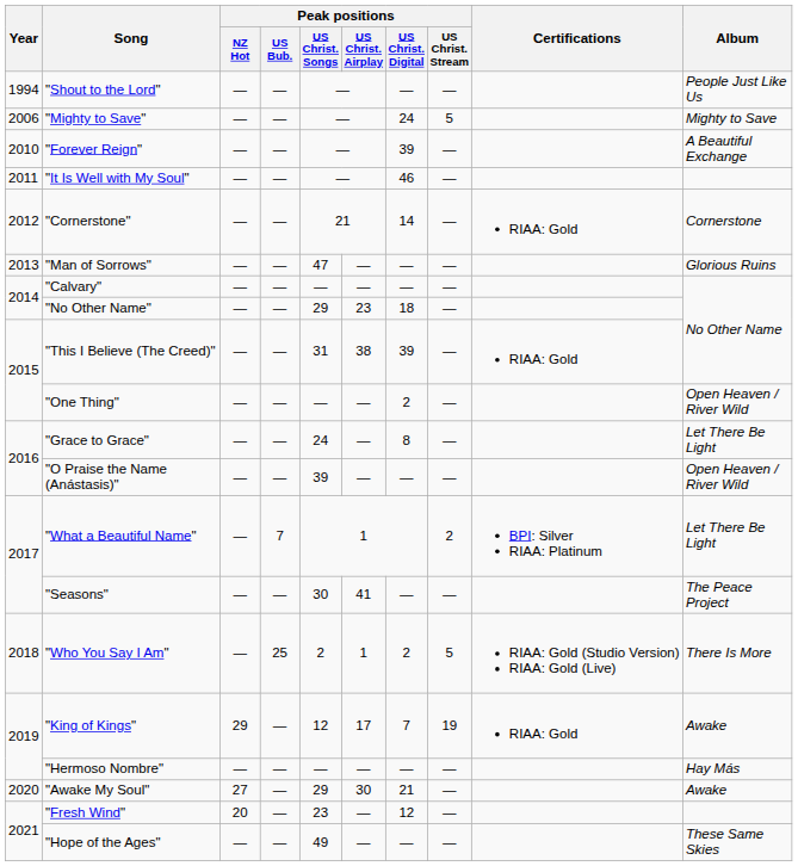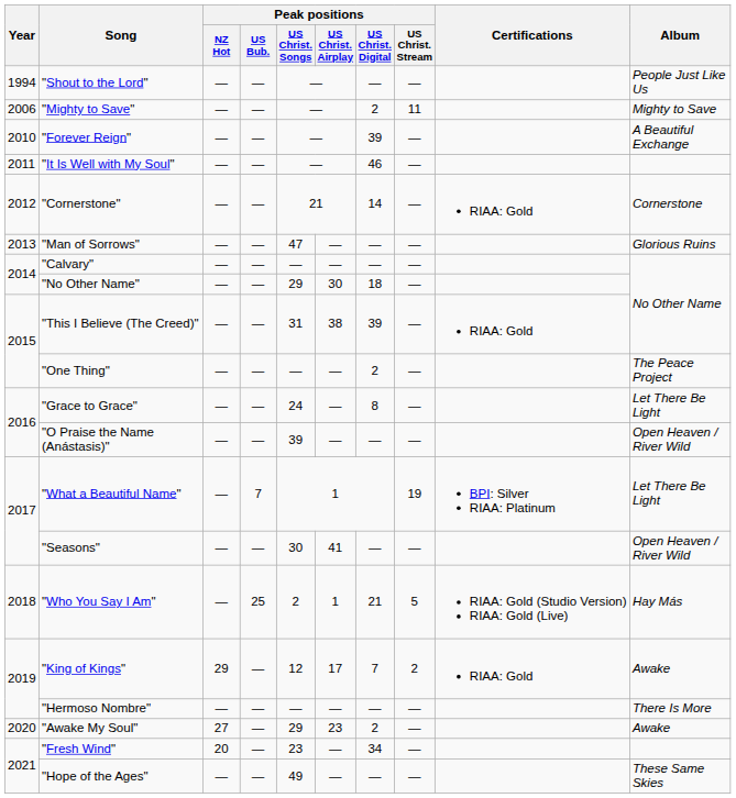 <table class="wikitable">
 <tr>
 <th rowspan="2" style="text-align:center; width:10px;">Year</th>
 <th rowspan="2" style="text-align:center; width:200px;">Song</th>
 <th style="text-align:center;" colspan="6">Peak positions</th>
 <th rowspan="2" style="text-align:center;">Certifications</th>
 <th rowspan="2" style="text-align:center; width:120px;">Album</th>
 </tr>
 <tr style="font-size:smaller;">
 <th width="40"><a href='#'>NZ<br>Hot</a><br></th>
 <th width="40"><a href='#'>US Bub.</a><br></th>
 <th width="40"><a href='#'>US<br>Christ.<br>Songs</a><br></th>
 <th width="40"><a href='#'>US<br>Christ.<br>Airplay</a><br></th>
 <th width="40"><a href='#'>US<br>Christ.<br>Digital</a><br></th>
 <th width="40">US<br>Christ.<br>Stream<br></th>
 </tr>
 <tr>
 <td>1994</td>
 <td>"<a href='#'>Shout to the Lord</a>"</td>
 <td style="text-align:center;">—</td>
 <td style="text-align:center;">—</td>
 <td colspan="2" style="text-align:center;">—</td>
 <td style="text-align:center;">—</td>
 <td style="text-align:center;">—</td>
 <td></td>
 <td><em>People Just Like Us</em></td>
 </tr>
 <tr>
 <td>2006</td>
 <td>"<a href='#'>Mighty to Save</a>"</td>
 <td style="text-align:center;">—</td>
 <td style="text-align:center;">—</td>
 <td colspan="2" style="text-align:center;">—</td>
-<td style="text-align:center;">24</td>
-<td style="text-align:center;">5</td>
+<td style="text-align:center;">2</td>
+<td style="text-align:center;">11</td>
 <td></td>
 <td><em>Mighty to Save</em></td>
 </tr>
 <tr>
 <td>2010</td>
 <td>"<a href='#'>Forever Reign</a>"</td>
 <td style="text-align:center;">—</td>
 <td style="text-align:center;">—</td>
 <td colspan="2" style="text-align:center;">—</td>
 <td style="text-align:center;">39</td>
 <td style="text-align:center;">—</td>
 <td></td>
 <td><em>A Beautiful Exchange</em></td>
 </tr>
 <tr>
 <td>2011</td>
 <td>"<a href='#'>It Is Well with My Soul</a>"</td>
 <td style="text-align:center;">—</td>
 <td style="text-align:center;">—</td>
 <td colspan="2" style="text-align:center;">—</td>
 <td style="text-align:center;">46</td>
 <td style="text-align:center;">—</td>
 <td></td>
 <td></td>
 </tr>
 <tr>
 <td>2012</td>
 <td>"Cornerstone"</td>
 <td style="text-align:center;">—</td>
 <td style="text-align:center;">—</td>
 <td colspan="2" style="text-align:center;">21</td>
 <td style="text-align:center;">14</td>
 <td style="text-align:center;">—</td>
 <td><br><ul><li>RIAA: Gold</li></ul></td>
 <td><em>Cornerstone</em></td>
 </tr>
 <tr>
 <td>2013</td>
 <td>"Man of Sorrows"</td>
 <td style="text-align:center;">—</td>
 <td style="text-align:center;">—</td>
 <td style="text-align:center;">47</td>
 <td style="text-align:center;">—</td>
 <td style="text-align:center;">—</td>
 <td style="text-align:center;">—</td>
 <td></td>
 <td><em>Glorious Ruins</em></td>
 </tr>
 <tr>
 <td rowspan="2">2014</td>
 <td>"Calvary"</td>
 <td style="text-align:center;">—</td>
 <td style="text-align:center;">—</td>
 <td style="text-align:center;">—</td>
 <td style="text-align:center;">—</td>
 <td style="text-align:center;">—</td>
 <td style="text-align:center;">—</td>
 <td></td>
 <td rowspan="3"><em>No Other Name</em></td>
 </tr>
 <tr>
 <td>"No Other Name"</td>
 <td style="text-align:center;">—</td>
 <td style="text-align:center;">—</td>
 <td style="text-align:center;">29</td>
-<td style="text-align:center;">23</td>
+<td style="text-align:center;">30</td>
 <td style="text-align:center;">18</td>
 <td style="text-align:center;">—</td>
 <td></td>
 </tr>
 <tr>
 <td rowspan="2">2015</td>
 <td>"This I Believe (The Creed)"</td>
 <td style="text-align:center;">—</td>
 <td style="text-align:center;">—</td>
 <td style="text-align:center;">31</td>
 <td style="text-align:center;">38</td>
 <td style="text-align:center;">39</td>
 <td style="text-align:center;">—</td>
 <td><br><ul><li>RIAA: Gold</li></ul></td>
 </tr>
 <tr>
 <td>"One Thing"</td>
 <td style="text-align:center;">—</td>
 <td style="text-align:center;">—</td>
 <td style="text-align:center;">—</td>
 <td style="text-align:center;">—</td>
 <td style="text-align:center;">2</td>
 <td style="text-align:center;">—</td>
 <td></td>
-<td><em>Open Heaven / River Wild</em></td>
+<td><em>The Peace Project</em></td>
 </tr>
 <tr>
 <td rowspan="2">2016</td>
 <td>"Grace to Grace"</td>
 <td style="text-align:center;">—</td>
 <td style="text-align:center;">—</td>
 <td style="text-align:center;">24</td>
 <td style="text-align:center;">—</td>
 <td style="text-align:center;">8</td>
 <td style="text-align:center;">—</td>
 <td></td>
 <td><em>Let There Be Light</em></td>
 </tr>
 <tr>
 <td>"O Praise the Name (Anástasis)"</td>
 <td style="text-align:center;">—</td>
 <td style="text-align:center;">—</td>
 <td style="text-align:center;">39</td>
 <td style="text-align:center;">—</td>
 <td style="text-align:center;">—</td>
 <td style="text-align:center;">—</td>
 <td></td>
 <td><em>Open Heaven / River Wild</em></td>
 </tr>
 <tr>
 <td rowspan="2">2017</td>
 <td>"<a href='#'>What a Beautiful Name</a>"</td>
 <td style="text-align:center;">—</td>
 <td style="text-align:center;">7</td>
 <td colspan="3 "style="text-align:center;">1</td>
-<td style="text-align:center;">2</td>
+<td style="text-align:center;">19</td>
 <td><br><ul><li><a href='#'>BPI</a>: Silver</li><li>RIAA: Platinum</li></ul></td>
 <td><em>Let There Be Light</em></td>
 </tr>
 <tr>
 <td>"Seasons"</td>
 <td style="text-align:center;">—</td>
 <td style="text-align:center;">—</td>
 <td style="text-align:center;">30</td>
 <td style="text-align:center;">41</td>
 <td style="text-align:center;">—</td>
 <td style="text-align:center;">—</td>
 <td></td>
-<td><em>The Peace Project</em></td>
+<td><em>Open Heaven / River Wild</em></td>
 </tr>
 <tr>
 <td rowspan="1">2018</td>
 <td>"<a href='#'>Who You Say I Am</a>"</td>
 <td style="text-align:center;">—</td>
 <td style="text-align:center;">25</td>
 <td style="text-align:center;">2</td>
 <td style="text-align:center;">1</td>
-<td style="text-align:center;">2</td>
+<td style="text-align:center;">21</td>
 <td style="text-align:center;">5</td>
 <td><br><ul><li>RIAA: Gold (Studio Version)</li><li>RIAA: Gold (Live)</li></ul></td>
-<td><em>There Is More</em></td>
+<td><em>Hay Más</em></td>
 </tr>
 <tr>
 <td rowspan="2">2019</td>
 <td>"<a href='#'>King of Kings</a>"</td>
 <td style="text-align:center;">29</td>
 <td style="text-align:center;">—</td>
 <td style="text-align:center;">12</td>
 <td style="text-align:center;">17</td>
 <td style="text-align:center;">7</td>
-<td style="text-align:center;">19</td>
+<td style="text-align:center;">2</td>
 <td><br><ul><li>RIAA: Gold</li></ul></td>
 <td><em>Awake</em></td>
 </tr>
 <tr>
 <td>"Hermoso Nombre"</td>
 <td style="text-align:center;">—</td>
 <td style="text-align:center;">—</td>
 <td style="text-align:center;">—</td>
 <td style="text-align:center;">—</td>
 <td style="text-align:center;">—</td>
 <td style="text-align:center;">—</td>
 <td></td>
-<td><em>Hay Más</em></td>
+<td><em>There Is More</em></td>
 </tr>
 <tr>
 <td>2020</td>
 <td>"Awake My Soul"</td>
 <td style="text-align:center;">27</td>
 <td style="text-align:center;">—</td>
 <td style="text-align:center;">29</td>
-<td style="text-align:center;">30</td>
-<td style="text-align:center;">21</td>
+<td style="text-align:center;">23</td>
+<td style="text-align:center;">2</td>
 <td style="text-align:center;">—</td>
 <td></td>
 <td><em>Awake</em></td>
 </tr>
 <tr>
 <td rowspan="2">2021</td>
 <td>"<a href='#'>Fresh Wind</a>"</td>
 <td style="text-align:center;">20</td>
 <td style="text-align:center;">—</td>
 <td style="text-align:center;">23</td>
 <td style="text-align:center;">—</td>
-<td style="text-align:center;">12</td>
+<td style="text-align:center;">34</td>
 <td style="text-align:center;">—</td>
 <td></td>
 <td></td>
 </tr>
 <tr>
 <td>"Hope of the Ages"<br></td>
 <td style="text-align:center;">—</td>
 <td style="text-align:center;">—</td>
 <td style="text-align:center;">49</td>
 <td style="text-align:center;">—</td>
 <td style="text-align:center;">—</td>
 <td style="text-align:center;">—</td>
 <td></td>
 <td><em>These Same Skies</em></td>
 </tr>
 </table>
